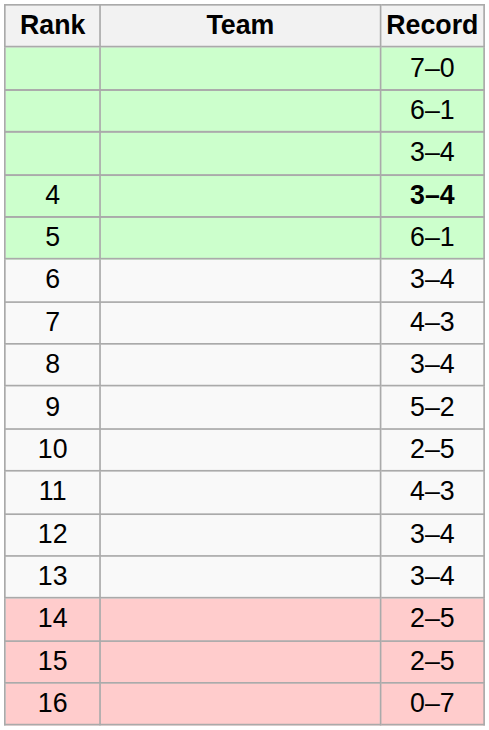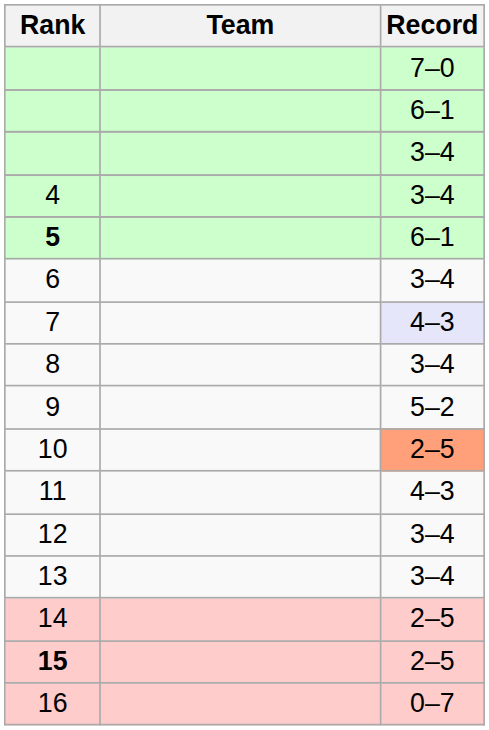 <table class="wikitable" style="text-align: center">
 <tr>
 <th width=50>Rank</th>
 <th width=160>Team</th>
 <th width=50>Record</th>
 </tr>
 <tr bgcolor=#ccffcc>
 <td></td>
 <td align=left></td>
 <td>7–0</td>
 </tr>
 <tr>
 </tr>
 <tr bgcolor=#ccffcc>
 <td></td>
 <td align=left></td>
 <td>6–1</td>
 </tr>
 <tr>
 </tr>
 <tr bgcolor=#ccffcc>
 <td></td>
 <td align=left></td>
 <td>3–4</td>
 </tr>
 <tr>
 </tr>
 <tr bgcolor=#ccffcc>
 <td>4</td>
 <td align=left></td>
-<td><strong>3–4</strong></td>
+<td>3–4</td>
 </tr>
 <tr>
 </tr>
 <tr bgcolor=#ccffcc>
-<td>5</td>
+<td><strong>5</strong></td>
 <td align=left></td>
 <td>6–1</td>
 </tr>
 <tr>
 <td>6</td>
 <td align=left></td>
 <td>3–4</td>
 </tr>
 <tr>
 <td>7</td>
 <td align=left></td>
-<td>4–3</td>
+<td style="background: lavender;">4–3</td>
 </tr>
 <tr>
 <td>8</td>
 <td align=left></td>
 <td>3–4</td>
 </tr>
 <tr>
 <td>9</td>
 <td align=left></td>
 <td>5–2</td>
 </tr>
 <tr>
 <td>10</td>
 <td align=left></td>
-<td>2–5</td>
+<td style="background: lightsalmon;">2–5</td>
 </tr>
 <tr>
 <td>11</td>
 <td align=left></td>
 <td>4–3</td>
 </tr>
 <tr>
 <td>12</td>
 <td align=left></td>
 <td>3–4</td>
 </tr>
 <tr>
 <td>13</td>
 <td align=left></td>
 <td>3–4</td>
 </tr>
 <tr bgcolor=#ffcccc>
 <td>14</td>
 <td align=left></td>
 <td>2–5</td>
 </tr>
 <tr bgcolor=#ffcccc>
-<td>15</td>
+<td><strong>15</strong></td>
 <td align=left></td>
 <td>2–5</td>
 </tr>
 <tr bgcolor=#ffcccc>
 <td>16</td>
 <td align=left></td>
 <td>0–7</td>
 </tr>
 </table>
